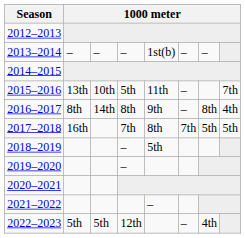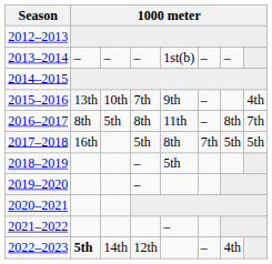 <table class="wikitable" style="display: inline-table;">
 <tr>
 <th>Season</th>
 <th colspan="7">1000 meter</th>
 </tr>
 <tr>
 <td><a href='#'>2012–2013</a></td>
 <td colspan="7" bgcolor=#EEEEEE></td>
 </tr>
 <tr>
 <td><a href='#'>2013–2014</a></td>
 <td>–</td>
 <td>–</td>
 <td>–</td>
 <td>1st(b)</td>
 <td>–</td>
 <td>–</td>
 <td colspan="1" bgcolor=#EEEEEE></td>
 </tr>
 <tr>
 <td><a href='#'>2014–2015</a></td>
 <td colspan="7" bgcolor=#EEEEEE></td>
 </tr>
 <tr>
 <td><a href='#'>2015–2016</a></td>
 <td>13th</td>
 <td>10th</td>
-<td>5th</td>
-<td>11th</td>
+<td>7th</td>
+<td>9th</td>
 <td>–</td>
 <td></td>
-<td>7th</td>
+<td>4th</td>
 </tr>
 <tr>
 <td><a href='#'>2016–2017</a></td>
 <td>8th</td>
-<td>14th</td>
+<td>5th</td>
 <td>8th</td>
-<td>9th</td>
+<td>11th</td>
 <td>–</td>
 <td>8th</td>
-<td>4th</td>
+<td>7th</td>
 </tr>
 <tr>
 <td><a href='#'>2017–2018</a></td>
 <td>16th</td>
 <td></td>
-<td>7th</td>
+<td>5th</td>
 <td>8th</td>
 <td>7th</td>
 <td>5th</td>
 <td>5th</td>
 </tr>
 <tr>
 <td><a href='#'>2018–2019</a></td>
 <td></td>
 <td></td>
 <td>–</td>
 <td>5th</td>
 <td></td>
 <td></td>
 <td colspan="1" bgcolor=#EEEEEE></td>
 </tr>
 <tr>
 <td><a href='#'>2019–2020</a></td>
 <td></td>
 <td></td>
 <td>–</td>
 <td></td>
 <td></td>
 <td colspan="2" bgcolor=#EEEEEE></td>
 </tr>
 <tr>
 <td><a href='#'>2020–2021</a></td>
 <td></td>
 <td></td>
 <td colspan="5" bgcolor=#EEEEEE></td>
 </tr>
 <tr>
 <td><a href='#'>2021–2022</a></td>
 <td></td>
 <td></td>
 <td></td>
 <td>–</td>
 <td></td>
 <td colspan="2" bgcolor=#EEEEEE></td>
 </tr>
 <tr>
 <td><a href='#'>2022–2023</a></td>
-<td>5th</td>
-<td>5th</td>
+<td><strong>5th</strong></td>
+<td>14th</td>
 <td>12th</td>
 <td></td>
 <td>–</td>
 <td>4th</td>
 <td colspan="1" bgcolor=#EEEEEE></td>
 </tr>
 </table>
